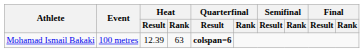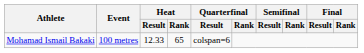 <table class=wikitable style=font-size:90%>
 <tr>
 <th rowspan=2>Athlete</th>
 <th rowspan=2>Event</th>
 <th colspan=2>Heat</th>
 <th colspan=2>Quarterfinal</th>
 <th colspan=2>Semifinal</th>
 <th colspan=2>Final</th>
 </tr>
 <tr style=font-size:95%>
 <th>Result</th>
 <th>Rank</th>
 <th>Result</th>
 <th>Rank</th>
 <th>Result</th>
 <th>Rank</th>
 <th>Result</th>
 <th>Rank</th>
 </tr>
 <tr align=center>
 <td align=left><a href='#'>Mohamad Ismail Bakaki</a></td>
 <td align=left rowspan=3><a href='#'>100 metres</a></td>
-<td>12.39</td>
-<td>63</td>
-<td><strong>colspan=6 </strong></td>
+<td>12.33</td>
+<td>65</td>
+<td>colspan=6 </td>
 </tr>
 </table>
